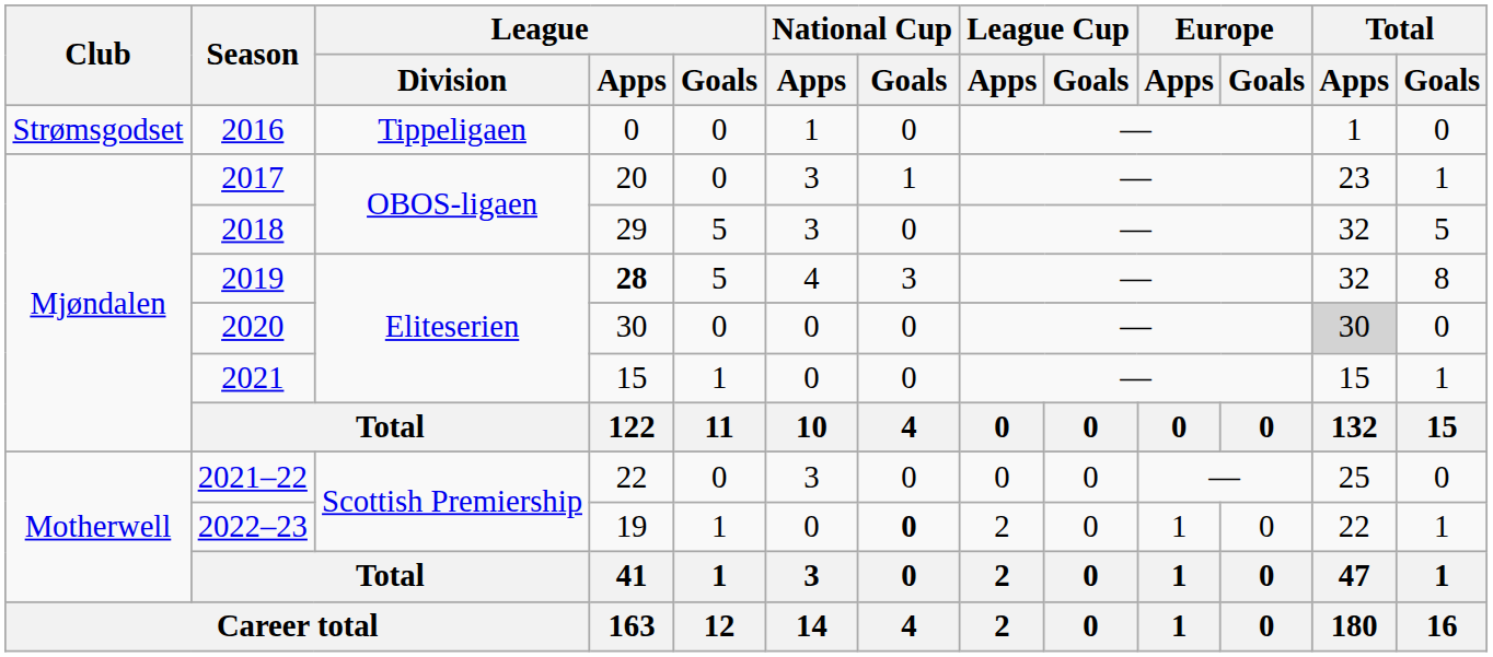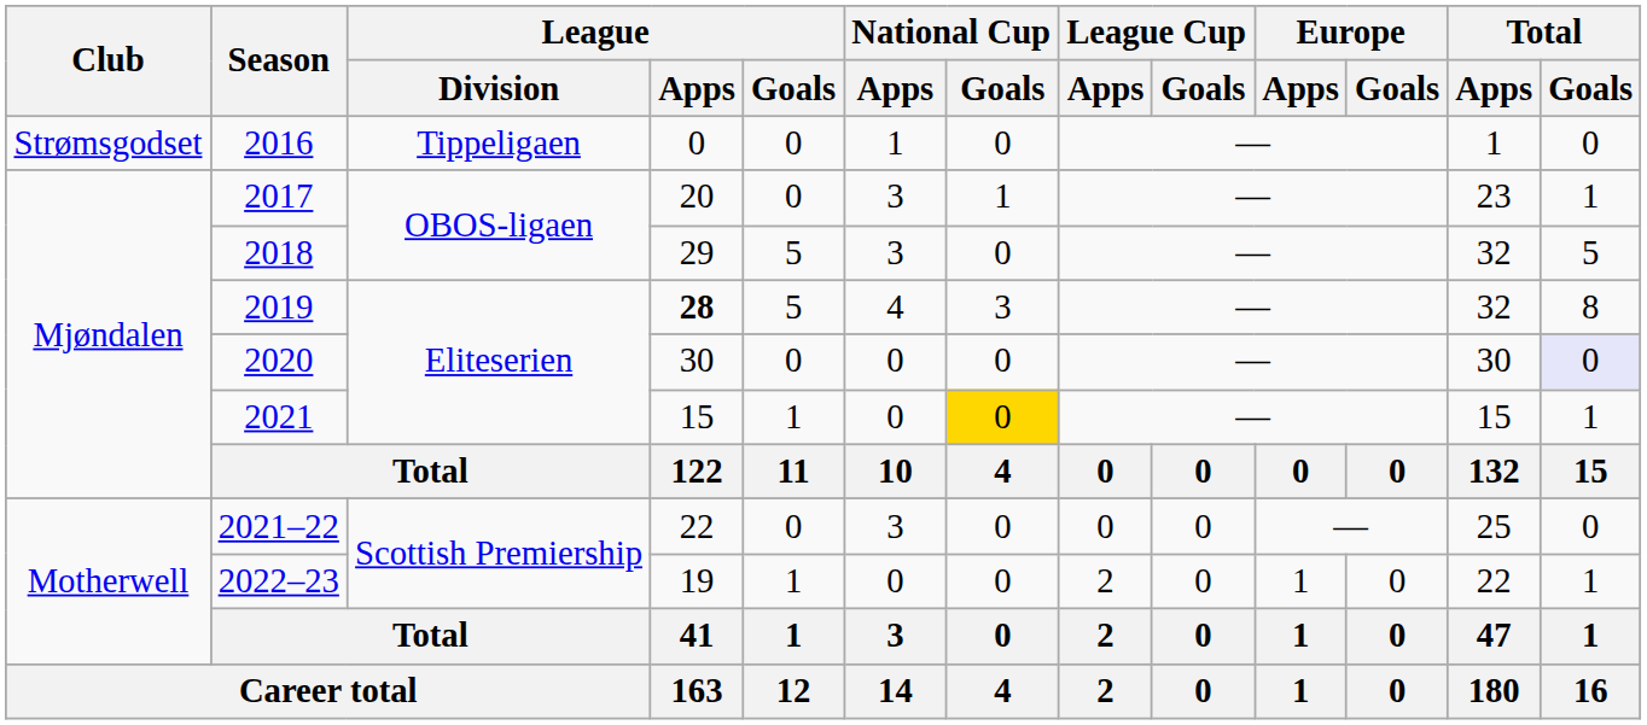 <table class="wikitable" style="text-align: center;">
 <tr>
 <th rowspan="2">Club</th>
 <th rowspan="2">Season</th>
 <th colspan="3">League</th>
 <th colspan="2">National Cup</th>
 <th colspan="2">League Cup</th>
 <th colspan="2">Europe</th>
 <th colspan="2">Total</th>
 </tr>
 <tr>
 <th>Division</th>
 <th>Apps</th>
 <th>Goals</th>
 <th>Apps</th>
 <th>Goals</th>
 <th>Apps</th>
 <th>Goals</th>
 <th>Apps</th>
 <th>Goals</th>
 <th>Apps</th>
 <th>Goals</th>
 </tr>
 <tr>
 <td><a href='#'>Strømsgodset</a></td>
 <td><a href='#'>2016</a></td>
 <td><a href='#'>Tippeligaen</a></td>
 <td>0</td>
 <td>0</td>
 <td>1</td>
 <td>0</td>
 <td colspan="4">—</td>
 <td>1</td>
 <td>0</td>
 </tr>
 <tr>
 <td rowspan="6"><a href='#'>Mjøndalen</a></td>
 <td><a href='#'>2017</a></td>
 <td rowspan="2"><a href='#'>OBOS-ligaen</a></td>
 <td>20</td>
 <td>0</td>
 <td>3</td>
 <td>1</td>
 <td colspan="4">—</td>
 <td>23</td>
 <td>1</td>
 </tr>
 <tr>
 <td><a href='#'>2018</a></td>
 <td>29</td>
 <td>5</td>
 <td>3</td>
 <td>0</td>
 <td colspan="4">—</td>
 <td>32</td>
 <td>5</td>
 </tr>
 <tr>
 <td><a href='#'>2019</a></td>
 <td rowspan="3"><a href='#'>Eliteserien</a></td>
 <td><strong>28</strong></td>
 <td>5</td>
 <td>4</td>
 <td>3</td>
 <td colspan="4">—</td>
 <td>32</td>
 <td>8</td>
 </tr>
 <tr>
 <td><a href='#'>2020</a></td>
 <td>30</td>
 <td>0</td>
 <td>0</td>
 <td>0</td>
 <td colspan="4">—</td>
-<td style="background: lightgrey;">30</td>
-<td>0</td>
+<td>30</td>
+<td style="background: lavender;">0</td>
 </tr>
 <tr>
 <td><a href='#'>2021</a></td>
 <td>15</td>
 <td>1</td>
 <td>0</td>
-<td>0</td>
+<td style="background: gold;">0</td>
 <td colspan="4">—</td>
 <td>15</td>
 <td>1</td>
 </tr>
 <tr>
 <th colspan="2">Total</th>
 <th>122</th>
 <th>11</th>
 <th>10</th>
 <th>4</th>
 <th>0</th>
 <th>0</th>
 <th>0</th>
 <th>0</th>
 <th>132</th>
 <th>15</th>
 </tr>
 <tr>
 <td rowspan="3"><a href='#'>Motherwell</a></td>
 <td><a href='#'>2021–22</a></td>
 <td rowspan="2"><a href='#'>Scottish Premiership</a></td>
 <td>22</td>
 <td>0</td>
 <td>3</td>
 <td>0</td>
 <td>0</td>
 <td>0</td>
 <td colspan=2>—</td>
 <td>25</td>
 <td>0</td>
 </tr>
 <tr>
 <td><a href='#'>2022–23</a></td>
 <td>19</td>
 <td>1</td>
 <td>0</td>
-<td><strong>0</strong></td>
+<td>0</td>
 <td>2</td>
 <td>0</td>
 <td>1</td>
 <td>0</td>
 <td>22</td>
 <td>1</td>
 </tr>
 <tr>
 <th colspan="2">Total</th>
 <th>41</th>
 <th>1</th>
 <th>3</th>
 <th>0</th>
 <th>2</th>
 <th>0</th>
 <th>1</th>
 <th>0</th>
 <th>47</th>
 <th>1</th>
 </tr>
 <tr>
 <th colspan="3">Career total</th>
 <th>163</th>
 <th>12</th>
 <th>14</th>
 <th>4</th>
 <th>2</th>
 <th>0</th>
 <th>1</th>
 <th>0</th>
 <th>180</th>
 <th>16</th>
 </tr>
 </table>
